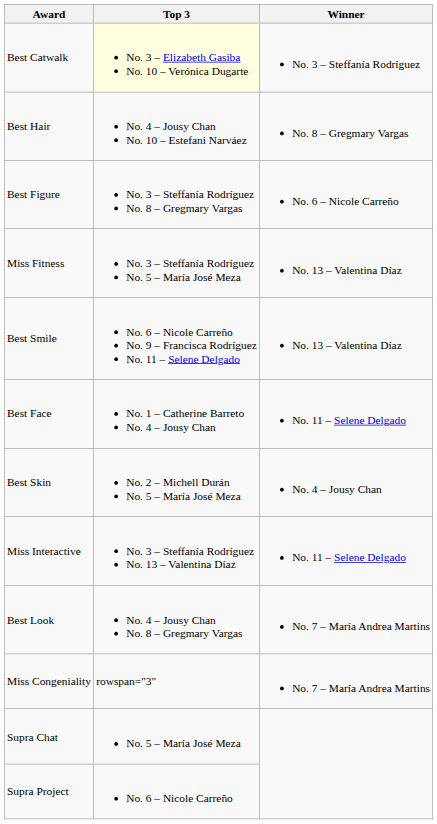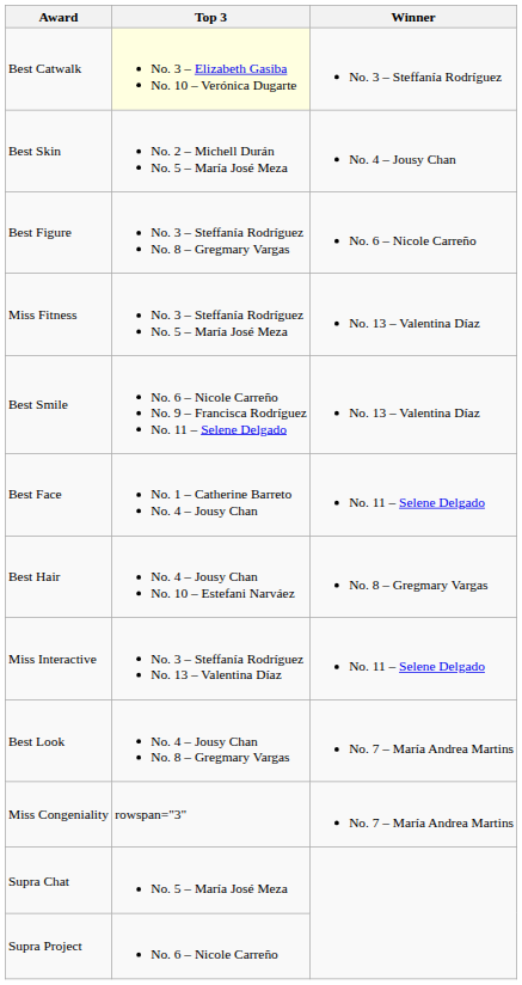 <table class="wikitable sortable" style="font-size: 95%;">
 <tr>
 <th>Award</th>
 <th>Top 3</th>
 <th>Winner</th>
 </tr>
 <tr>
 <td>Best Catwalk</td>
 <td style="background: lightyellow;"><br><ul><li>No. 3 – <a href='#'>Elizabeth Gasiba</a></li><li>No. 10 – Verónica Dugarte</li></ul></td>
 <td><br><ul><li>No. 3 – Steffanía Rodríguez</li></ul></td>
 </tr>
 <tr>
-<td>Best Hair</td>
-<td><br><ul><li>No. 4 – Jousy Chan</li><li>No. 10 – Estefani Narváez</li></ul></td>
-<td><br><ul><li>No. 8 – Gregmary Vargas</li></ul></td>
+<td>Best Skin</td>
+<td><br><ul><li>No. 2 – Michell Durán</li><li>No. 5 – María José Meza</li></ul></td>
+<td><br><ul><li>No. 4 – Jousy Chan</li></ul></td>
 </tr>
 <tr>
 <td>Best Figure</td>
 <td><br><ul><li>No. 3 – Steffanía Rodríguez</li><li>No. 8 –  Gregmary Vargas</li></ul></td>
 <td><br><ul><li>No. 6 – Nicole Carreño</li></ul></td>
 </tr>
 <tr>
 <td>Miss Fitness</td>
 <td><br><ul><li>No. 3 – Steffanía Rodríguez</li><li>No. 5 – María José Meza</li></ul></td>
 <td><br><ul><li>No. 13 – Valentina Díaz</li></ul></td>
 </tr>
 <tr>
 <td>Best Smile</td>
 <td><br><ul><li>No. 6 – Nicole Carreño</li><li>No. 9 – Francisca Rodríguez</li><li>No. 11 – <a href='#'>Selene Delgado</a></li></ul></td>
 <td><br><ul><li>No. 13 – Valentina Díaz</li></ul></td>
 </tr>
 <tr>
 <td>Best Face</td>
 <td><br><ul><li>No. 1 – Catherine Barreto</li><li>No. 4 – Jousy Chan</li></ul></td>
 <td><br><ul><li>No. 11 – <a href='#'>Selene Delgado</a></li></ul></td>
 </tr>
 <tr>
-<td>Best Skin</td>
-<td><br><ul><li>No. 2 – Michell Durán</li><li>No. 5 – María José Meza</li></ul></td>
-<td><br><ul><li>No. 4 – Jousy Chan</li></ul></td>
+<td>Best Hair</td>
+<td><br><ul><li>No. 4 – Jousy Chan</li><li>No. 10 – Estefani Narváez</li></ul></td>
+<td><br><ul><li>No. 8 – Gregmary Vargas</li></ul></td>
 </tr>
 <tr>
 <td>Miss Interactive</td>
 <td><br><ul><li>No. 3 – Steffanía Rodríguez</li><li>No. 13 – Valentina Díaz</li></ul></td>
 <td><br><ul><li>No. 11 – <a href='#'>Selene Delgado</a></li></ul></td>
 </tr>
 <tr>
 <td>Best Look</td>
 <td><br><ul><li>No. 4 – Jousy Chan</li><li>No. 8 –  Gregmary Vargas</li></ul></td>
 <td><br><ul><li>No. 7 – María Andrea Martins</li></ul></td>
 </tr>
 <tr>
 <td>Miss Congeniality</td>
 <td>rowspan="3" </td>
 <td><br><ul><li>No. 7 – María Andrea Martins</li></ul></td>
 </tr>
 <tr>
 <td>Supra Chat</td>
 <td><br><ul><li>No. 5 – María José Meza</li></ul></td>
 </tr>
 <tr>
 <td>Supra Project</td>
 <td><br><ul><li>No. 6 – Nicole Carreño</li></ul></td>
 </tr>
 </table>
